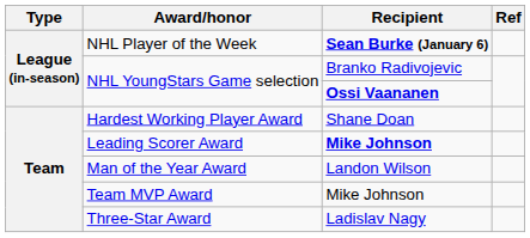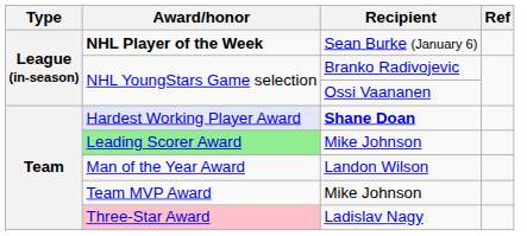 <table class="wikitable">
 <tr>
 <th scope="col">Type</th>
 <th scope="col">Award/honor</th>
 <th scope="col">Recipient</th>
 <th scope="col">Ref</th>
 </tr>
 <tr>
 <th scope="row" rowspan="3">League<br><small>(in-season)</small></th>
-<td>NHL Player of the Week</td>
-<td><strong><a href='#'>Sean Burke</a> <small>(January 6)</small></strong></td>
+<td><strong>NHL Player of the Week</strong></td>
+<td><a href='#'>Sean Burke</a> <small>(January 6)</small></td>
 <td></td>
 </tr>
 <tr>
 <td rowspan="2"><a href='#'>NHL YoungStars Game</a> selection</td>
 <td><a href='#'>Branko Radivojevic</a></td>
 <td rowspan="2"></td>
 </tr>
 <tr>
-<td><strong><a href='#'>Ossi Vaananen</a></strong></td>
+<td><a href='#'>Ossi Vaananen</a></td>
 </tr>
 <tr>
 <th scope="row" rowspan="5">Team</th>
-<td><a href='#'>Hardest Working Player Award</a></td>
-<td><a href='#'>Shane Doan</a></td>
+<td style="background: lavender;"><a href='#'>Hardest Working Player Award</a></td>
+<td><strong><a href='#'>Shane Doan</a></strong></td>
 <td></td>
 </tr>
 <tr>
-<td><a href='#'>Leading Scorer Award</a></td>
-<td><strong><a href='#'>Mike Johnson</a></strong></td>
+<td style="background: lightgreen;"><a href='#'>Leading Scorer Award</a></td>
+<td><a href='#'>Mike Johnson</a></td>
 <td></td>
 </tr>
 <tr>
 <td><a href='#'>Man of the Year Award</a></td>
 <td><a href='#'>Landon Wilson</a></td>
 <td></td>
 </tr>
 <tr>
 <td><a href='#'>Team MVP Award</a></td>
 <td>Mike Johnson</td>
 <td></td>
 </tr>
 <tr>
-<td><a href='#'>Three-Star Award</a></td>
+<td style="background: pink;"><a href='#'>Three-Star Award</a></td>
 <td><a href='#'>Ladislav Nagy</a></td>
 <td></td>
 </tr>
 </table>
